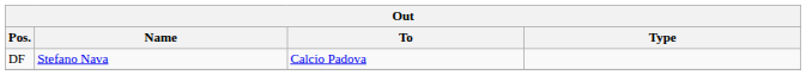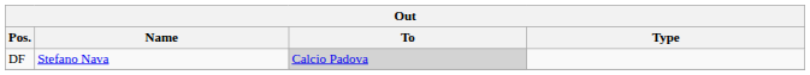 <table class="wikitable" style="font-size:90%;width:99%;">
 <tr>
 <th colspan="4">Out</th>
 </tr>
 <tr>
 <th width=3%>Pos.</th>
 <th width=32%>Name</th>
 <th width=30%>To</th>
 <th width=35%>Type</th>
 </tr>
 <tr>
 <td>DF</td>
 <td><a href='#'>Stefano Nava</a></td>
-<td><a href='#'>Calcio Padova</a></td>
+<td style="background: lightgrey;"><a href='#'>Calcio Padova</a></td>
 <td></td>
 </tr>
 <tr>
 </tr>
 </table>
